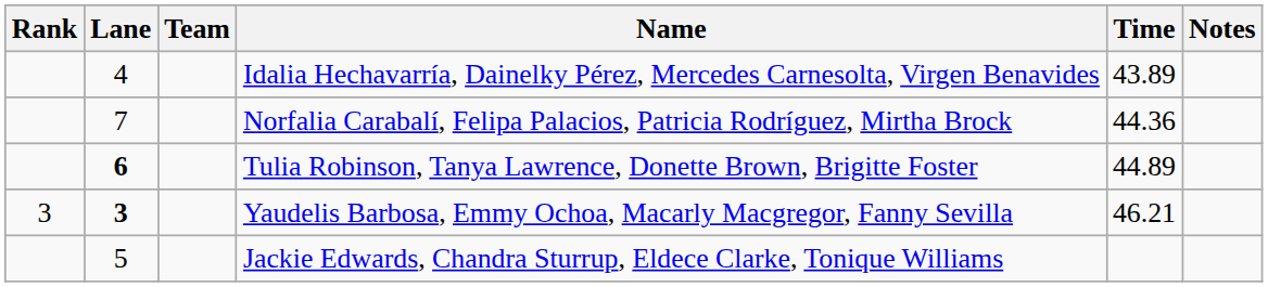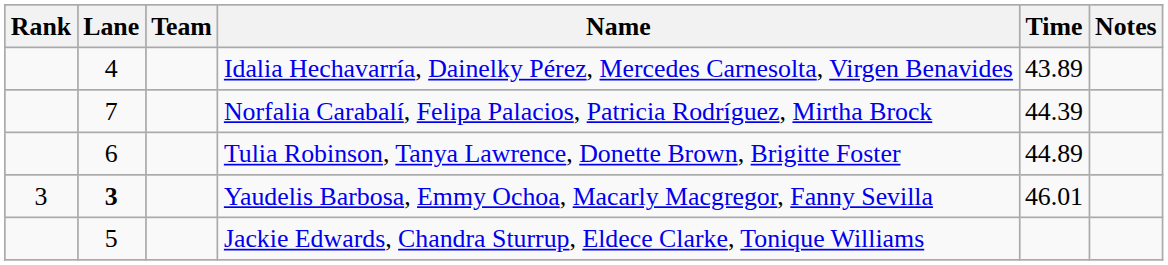 <table class="wikitable sortable" style="text-align:center;font-size:95%">
 <tr>
 <th>Rank</th>
 <th>Lane</th>
 <th>Team</th>
 <th>Name</th>
 <th>Time</th>
 <th>Notes</th>
 </tr>
 <tr>
 <td></td>
 <td>4</td>
 <td align=left></td>
 <td align=left><a href='#'>Idalia Hechavarría</a>, <a href='#'>Dainelky Pérez</a>, <a href='#'>Mercedes Carnesolta</a>, <a href='#'>Virgen Benavides</a></td>
 <td>43.89</td>
 <td></td>
 </tr>
 <tr>
 <td></td>
 <td>7</td>
 <td align=left></td>
 <td align=left><a href='#'>Norfalia Carabalí</a>, <a href='#'>Felipa Palacios</a>, <a href='#'>Patricia Rodríguez</a>, <a href='#'>Mirtha Brock</a></td>
-<td>44.36</td>
+<td>44.39</td>
 <td></td>
 </tr>
 <tr>
 <td></td>
-<td><strong>6</strong></td>
+<td>6</td>
 <td align=left></td>
 <td align=left><a href='#'>Tulia Robinson</a>, <a href='#'>Tanya Lawrence</a>, <a href='#'>Donette Brown</a>, <a href='#'>Brigitte Foster</a></td>
 <td>44.89</td>
 <td></td>
 </tr>
 <tr>
 <td>3</td>
 <td><strong>3</strong></td>
 <td align=left></td>
 <td align=left><a href='#'>Yaudelis Barbosa</a>, <a href='#'>Emmy Ochoa</a>, <a href='#'>Macarly Macgregor</a>, <a href='#'>Fanny Sevilla</a></td>
-<td>46.21</td>
+<td>46.01</td>
 <td></td>
 </tr>
 <tr>
 <td></td>
 <td>5</td>
 <td align=left></td>
 <td align=left><a href='#'>Jackie Edwards</a>, <a href='#'>Chandra Sturrup</a>, <a href='#'>Eldece Clarke</a>, <a href='#'>Tonique Williams</a></td>
 <td></td>
 <td></td>
 </tr>
 </table>
